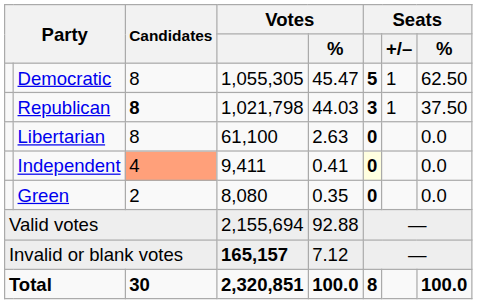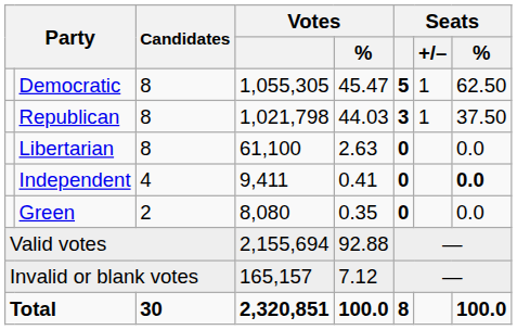 <table class="wikitable" style="font-size: 95%;">
 <tr>
 <th colspan="2" rowspan="2">Party</th>
 <th rowspan="2"><small>Candi</small><small>dates</small></th>
 <th colspan="2">Votes</th>
 <th colspan="3">Seats</th>
 </tr>
 <tr>
 <th></th>
 <th>%</th>
 <th></th>
 <th>+/–</th>
 <th>%</th>
 </tr>
 <tr>
 <td style="color:inherit;background:"></td>
 <td align="left"><a href='#'>Democratic</a></td>
 <td>8</td>
 <td>1,055,305</td>
 <td>45.47</td>
 <td><strong>5</strong></td>
 <td> 1</td>
 <td>62.50</td>
 </tr>
 <tr>
 <td style="color:inherit;background:"></td>
 <td align="left"><a href='#'>Republican</a></td>
-<td><strong>8</strong></td>
+<td>8</td>
 <td>1,021,798</td>
 <td>44.03</td>
 <td><strong>3</strong></td>
 <td> 1</td>
 <td>37.50</td>
 </tr>
 <tr>
 <td style="color:inherit;background:"></td>
 <td align="left"><a href='#'>Libertarian</a></td>
 <td>8</td>
 <td>61,100</td>
 <td>2.63</td>
 <td><strong>0</strong></td>
 <td></td>
 <td>0.0</td>
 </tr>
 <tr>
 <td style="color:inherit;background:"></td>
 <td align="left"><a href='#'>Independent</a></td>
-<td style="background: lightsalmon;">4</td>
+<td>4</td>
 <td>9,411</td>
 <td>0.41</td>
-<td style="background: lightyellow;"><strong>0</strong></td>
+<td><strong>0</strong></td>
 <td></td>
-<td>0.0</td>
+<td><strong>0.0</strong></td>
 </tr>
 <tr>
 <td style="color:inherit;background:"></td>
 <td align="left"><a href='#'>Green</a></td>
 <td>2</td>
 <td>8,080</td>
 <td>0.35</td>
 <td><strong>0</strong></td>
 <td></td>
 <td>0.0</td>
 </tr>
 <tr style="background:#eee;">
 <td colspan="3">Valid votes</td>
 <td>2,155,694</td>
 <td>92.88</td>
 <td colspan="3" align="center">—</td>
 </tr>
 <tr style="background:#eee;">
 <td colspan="3">Invalid or blank votes</td>
-<td><strong>165,157</strong></td>
+<td>165,157</td>
 <td>7.12</td>
 <td colspan="3" align="center">—</td>
 </tr>
 <tr style="font-weight:bold">
 <td colspan="2" align="left">Total</td>
 <td>30</td>
 <td>2,320,851</td>
 <td>100.0</td>
 <td>8</td>
 <td></td>
 <td>100.0</td>
 </tr>
 </table>
